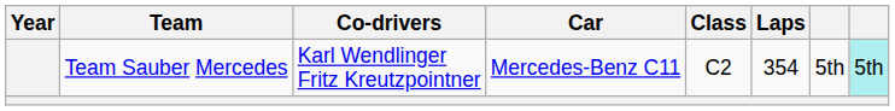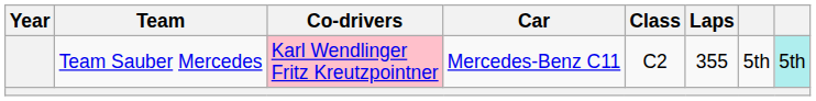 <table class="wikitable" style="text-align:center; font-size:90%">
 <tr>
 <th>Year</th>
 <th>Team</th>
 <th>Co-drivers</th>
 <th>Car</th>
 <th>Class</th>
 <th>Laps</th>
 <th></th>
 <th></th>
 </tr>
 <tr>
 <th></th>
 <td align="left" nowrap> <a href='#'>Team Sauber</a> <a href='#'>Mercedes</a></td>
-<td align="left" nowrap> <a href='#'>Karl Wendlinger</a><br> <a href='#'>Fritz Kreutzpointner</a></td>
+<td align="left" nowrap style="background: pink;"> <a href='#'>Karl Wendlinger</a><br> <a href='#'>Fritz Kreutzpointner</a></td>
 <td align="left" nowrap><a href='#'>Mercedes-Benz C11</a></td>
 <td>C2</td>
-<td>354</td>
+<td>355</td>
 <td>5th</td>
 <td style="background: paleturquoise;">5th</td>
 </tr>
 <tr>
 <th colspan="8"></th>
 </tr>
 </table>
